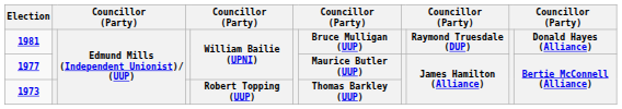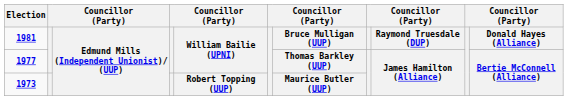 <table class="wikitable" style="text-align:center">
 <tr>
 <th scope="col" width="50">Election</th>
 <th scope="col" width="150" colspan = "2">Councillor<br> (Party)</th>
 <th scope="col" width="150" colspan = "2">Councillor<br> (Party)</th>
 <th scope="col" width="150" colspan = "2">Councillor<br> (Party)</th>
 <th scope="col" width="150" colspan = "2">Councillor<br> (Party)</th>
 <th scope="col" width="150" colspan = "2">Councillor<br> (Party)</th>
 </tr>
 <tr>
 <td><strong><a href='#'>1981</a></strong></td>
 <th rowspan="2" width="1" style="background-color: "></th>
 <th rowspan = "3">Edmund Mills <br> (<a href='#'>Independent Unionist</a>)/ <br> (<a href='#'>UUP</a>)</th>
 <th rowspan="2" width="1" style="background-color: "></th>
 <th rowspan = "2">William Bailie <br> (<a href='#'>UPNI</a>)</th>
 <th rowspan="3" width="1" style="background-color: "></th>
 <th rowspan = "1">Bruce Mulligan <br> (<a href='#'>UUP</a>)</th>
 <th rowspan="1" width="1" style="background-color: "></th>
 <th rowspan = "1">Raymond Truesdale <br> (<a href='#'>DUP</a>)</th>
 <th rowspan="3" width="1" style="background-color: "></th>
 <th rowspan = "1">Donald Hayes <br> (<a href='#'>Alliance</a>)</th>
 </tr>
 <tr>
 <td><strong><a href='#'>1977</a></strong></td>
-<th rowspan = "1">Maurice Butler <br> (<a href='#'>UUP</a>)</th>
+<th rowspan = "1">Thomas Barkley <br> (<a href='#'>UUP</a>)</th>
 <th rowspan="2" width="1" style="background-color: "></th>
 <th rowspan = "2">James Hamilton <br> (<a href='#'>Alliance</a>)</th>
 <th rowspan = "2"><a href='#'>Bertie McConnell</a> <br> (<a href='#'>Alliance</a>)</th>
 </tr>
 <tr>
 <td><strong><a href='#'>1973</a></strong></td>
 <th rowspan="1" width="1" style="background-color: "></th>
 <th rowspan="1" width="1" style="background-color: "></th>
 <th rowspan = "1">Robert Topping <br> (<a href='#'>UUP</a>)</th>
-<th rowspan = "1">Thomas Barkley <br> (<a href='#'>UUP</a>)</th>
+<th rowspan = "1">Maurice Butler <br> (<a href='#'>UUP</a>)</th>
 </tr>
 </table>
